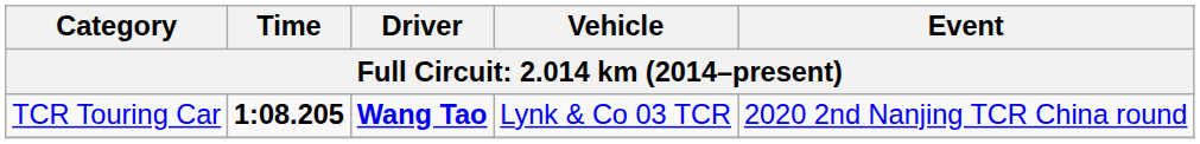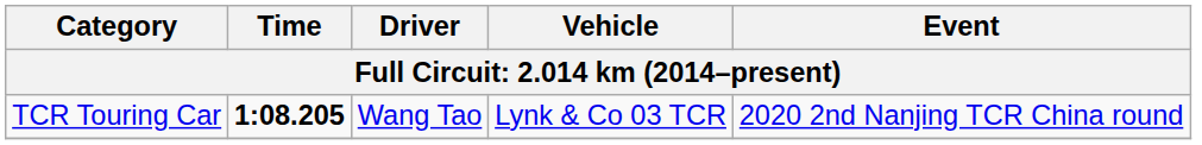 <table class="wikitable">
 <tr>
 <th>Category</th>
 <th>Time</th>
 <th>Driver</th>
 <th>Vehicle</th>
 <th>Event</th>
 </tr>
 <tr>
 <th colspan=5>Full Circuit: 2.014 km (2014–present)</th>
 </tr>
 <tr>
 <td><a href='#'>TCR Touring Car</a></td>
 <td><strong>1:08.205</strong></td>
-<td><strong><a href='#'>Wang Tao</a></strong></td>
+<td><a href='#'>Wang Tao</a></td>
 <td><a href='#'>Lynk & Co 03 TCR</a></td>
 <td><a href='#'>2020 2nd Nanjing TCR China round</a></td>
 </tr>
 <tr>
 </tr>
 </table>
